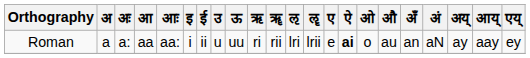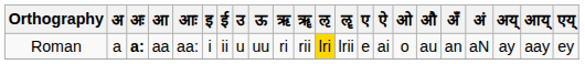 <table border="2" class="wikitable" align="center" width="550">
 <tr>
 <th>Orthography</th>
 <th>अ</th>
 <th>अः</th>
 <th>आ</th>
 <th>आः</th>
 <th>इ</th>
 <th>ई</th>
 <th>उ</th>
 <th>ऊ</th>
 <th>ऋ</th>
 <th>ॠ</th>
 <th>ऌ</th>
 <th>ॡ</th>
 <th>ए</th>
 <th>ऐ</th>
 <th>ओ</th>
 <th>औ</th>
 <th>अँ</th>
 <th>अं</th>
 <th>अय्</th>
 <th>आय्</th>
 <th>एय्</th>
 </tr>
 <tr align = center>
 <td>Roman</td>
 <td>a</td>
-<td>a:</td>
+<td><strong>a:</strong></td>
 <td>aa</td>
 <td>aa:</td>
 <td>i</td>
 <td>ii</td>
 <td>u</td>
 <td>uu</td>
 <td>ri</td>
 <td>rii</td>
-<td>lri</td>
+<td style="background: gold;">lri</td>
 <td>lrii</td>
 <td>e</td>
-<td><strong>ai</strong></td>
+<td>ai</td>
 <td>o</td>
 <td>au</td>
 <td>an</td>
 <td>aN</td>
 <td>ay</td>
 <td>aay</td>
 <td>ey</td>
 </tr>
 <tr align="center">
 </tr>
 </table>
